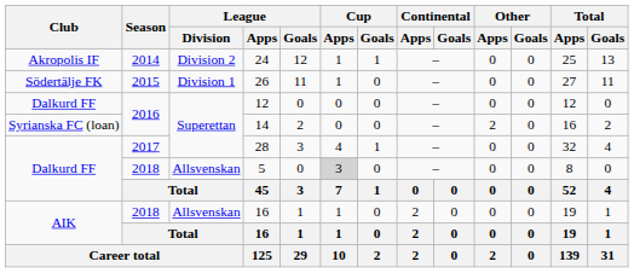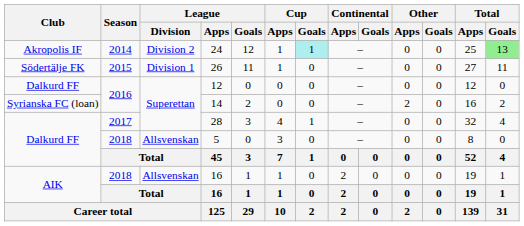 <table class="wikitable" style="text-align: center">
 <tr>
 <th rowspan="2">Club</th>
 <th rowspan="2">Season</th>
 <th colspan="3">League</th>
 <th colspan="2">Cup</th>
 <th colspan="2">Continental</th>
 <th colspan="2">Other</th>
 <th colspan="2">Total</th>
 </tr>
 <tr>
 <th>Division</th>
 <th>Apps</th>
 <th>Goals</th>
 <th>Apps</th>
 <th>Goals</th>
 <th>Apps</th>
 <th>Goals</th>
 <th>Apps</th>
 <th>Goals</th>
 <th>Apps</th>
 <th>Goals</th>
 </tr>
 <tr>
 <td><a href='#'>Akropolis IF</a></td>
 <td><a href='#'>2014</a></td>
 <td><a href='#'>Division 2</a></td>
 <td>24</td>
 <td>12</td>
 <td>1</td>
-<td>1</td>
+<td style="background: paleturquoise;">1</td>
 <td colspan="2">–</td>
 <td>0</td>
 <td>0</td>
 <td>25</td>
-<td>13</td>
+<td style="background: lightgreen;">13</td>
 </tr>
 <tr>
 <td><a href='#'>Södertälje FK</a></td>
 <td><a href='#'>2015</a></td>
 <td><a href='#'>Division 1</a></td>
 <td>26</td>
 <td>11</td>
 <td>1</td>
 <td>0</td>
 <td colspan="2">–</td>
 <td>0</td>
 <td>0</td>
 <td>27</td>
 <td>11</td>
 </tr>
 <tr>
 <td><a href='#'>Dalkurd FF</a></td>
 <td rowspan="2"><a href='#'>2016</a></td>
 <td rowspan="3"><a href='#'>Superettan</a></td>
 <td>12</td>
 <td>0</td>
 <td>0</td>
 <td>0</td>
 <td colspan="2">–</td>
 <td>0</td>
 <td>0</td>
 <td>12</td>
 <td>0</td>
 </tr>
 <tr>
 <td><a href='#'>Syrianska FC</a> (loan)</td>
 <td>14</td>
 <td>2</td>
 <td>0</td>
 <td>0</td>
 <td colspan="2">–</td>
 <td>2</td>
 <td>0</td>
 <td>16</td>
 <td>2</td>
 </tr>
 <tr>
 <td rowspan="3"><a href='#'>Dalkurd FF</a></td>
 <td><a href='#'>2017</a></td>
 <td>28</td>
 <td>3</td>
 <td>4</td>
 <td>1</td>
 <td colspan="2">–</td>
 <td>0</td>
 <td>0</td>
 <td>32</td>
 <td>4</td>
 </tr>
 <tr>
 <td><a href='#'>2018</a></td>
 <td><a href='#'>Allsvenskan</a></td>
 <td>5</td>
 <td>0</td>
-<td style="background: lightgrey;">3</td>
+<td>3</td>
 <td>0</td>
 <td colspan="2">–</td>
 <td>0</td>
 <td>0</td>
 <td>8</td>
 <td>0</td>
 </tr>
 <tr>
 <th colspan="2"><strong>Total</strong></th>
 <th>45</th>
 <th>3</th>
 <th>7</th>
 <th>1</th>
 <th>0</th>
 <th>0</th>
 <th>0</th>
 <th>0</th>
 <th>52</th>
 <th>4</th>
 </tr>
 <tr>
 <td rowspan="2"><a href='#'>AIK</a></td>
 <td><a href='#'>2018</a></td>
 <td><a href='#'>Allsvenskan</a></td>
 <td>16</td>
 <td>1</td>
 <td>1</td>
 <td>0</td>
 <td>2</td>
 <td>0</td>
 <td>0</td>
 <td>0</td>
 <td>19</td>
 <td>1</td>
 </tr>
 <tr>
 <th colspan="2"><strong>Total</strong></th>
 <th>16</th>
 <th>1</th>
 <th>1</th>
 <th>0</th>
 <th>2</th>
 <th>0</th>
 <th>0</th>
 <th>0</th>
 <th>19</th>
 <th>1</th>
 </tr>
 <tr>
 <th colspan="3"><strong>Career total</strong></th>
 <th>125</th>
 <th>29</th>
 <th>10</th>
 <th>2</th>
 <th>2</th>
 <th>0</th>
 <th>2</th>
 <th>0</th>
 <th>139</th>
 <th>31</th>
 </tr>
 </table>
